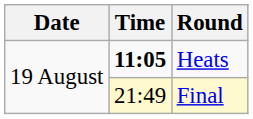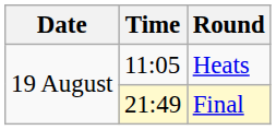 <table class="wikitable">
 <tr>
 <th>Date</th>
 <th>Time</th>
 <th>Round</th>
 </tr>
 <tr>
 <td rowspan=2>19 August</td>
-<td><strong>11:05</strong></td>
+<td>11:05</td>
 <td><a href='#'>Heats</a></td>
 </tr>
 <tr style=background:lemonchiffon>
 <td>21:49</td>
 <td><a href='#'>Final</a></td>
 </tr>
 </table>
